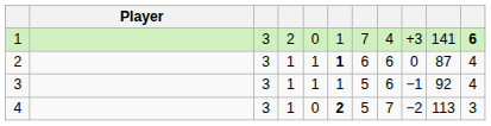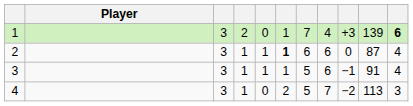 <table class="wikitable" style="text-align:center; margin: 1em auto 1em auto, align:left">
 <tr>
 <th width=20></th>
 <th width=240>Player</th>
 <th width=20></th>
 <th width=20></th>
 <th width=20></th>
 <th width=20></th>
 <th width=20></th>
 <th width=20></th>
 <th width=20></th>
 <th width=30></th>
 <th width=20></th>
 </tr>
 <tr style="background:#D0F0C0;">
 <td>1</td>
 <td align=left></td>
 <td>3</td>
 <td>2</td>
 <td>0</td>
 <td>1</td>
 <td>7</td>
 <td>4</td>
 <td>+3</td>
-<td>141</td>
+<td>139</td>
 <td><strong>6</strong></td>
 </tr>
 <tr style=>
 <td>2</td>
 <td align=left></td>
 <td>3</td>
 <td>1</td>
 <td>1</td>
 <td><strong>1</strong></td>
 <td>6</td>
 <td>6</td>
 <td>0</td>
 <td>87</td>
 <td>4</td>
 </tr>
 <tr style=>
 <td>3</td>
 <td align=left></td>
 <td>3</td>
 <td>1</td>
 <td>1</td>
 <td>1</td>
 <td>5</td>
 <td>6</td>
 <td>−1</td>
-<td>92</td>
+<td>91</td>
 <td>4</td>
 </tr>
 <tr style=>
 <td>4</td>
 <td align=left></td>
 <td>3</td>
 <td>1</td>
 <td>0</td>
-<td><strong>2</strong></td>
+<td>2</td>
 <td>5</td>
 <td>7</td>
 <td>−2</td>
 <td>113</td>
 <td>3</td>
 </tr>
 </table>
